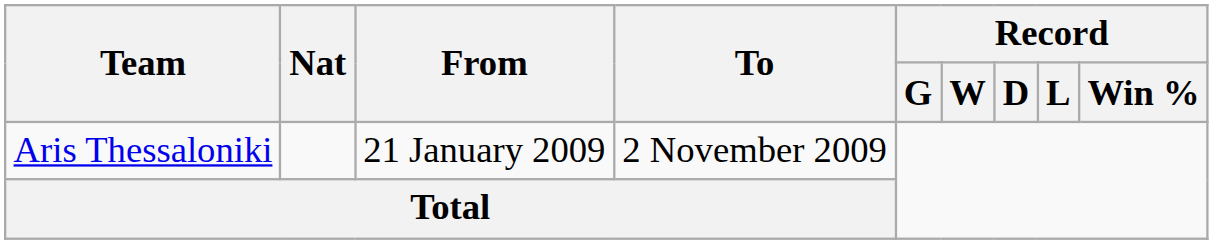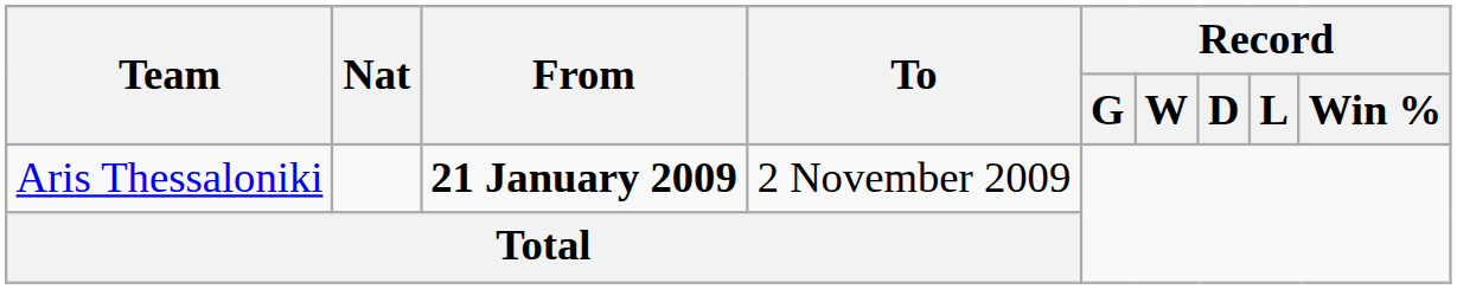 <table class="wikitable" style="text-align: center">
 <tr>
 <th rowspan="2">Team</th>
 <th rowspan="2">Nat</th>
 <th rowspan="2">From</th>
 <th rowspan="2">To</th>
 <th colspan="5">Record</th>
 </tr>
 <tr>
 <th>G</th>
 <th>W</th>
 <th>D</th>
 <th>L</th>
 <th>Win %</th>
 </tr>
 <tr>
 <td align=left><a href='#'>Aris Thessaloniki</a></td>
 <td></td>
-<td align=left>21 January 2009</td>
+<td align=left><strong>21 January 2009</strong></td>
 <td align=left>2 November 2009<br></td>
 </tr>
 <tr>
 <th colspan="4">Total<br></th>
 </tr>
 </table>
